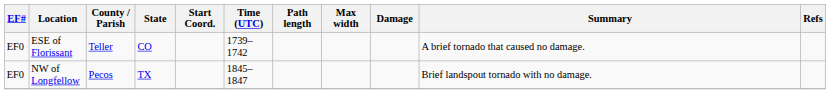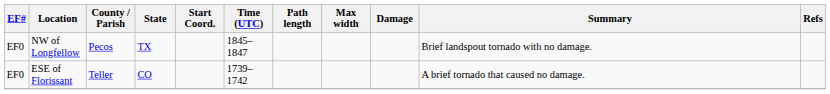 <table class="wikitable sortable" style="width:100%;">
 <tr>
 <th scope="col" width="3%" align="center"><a href='#'>EF#</a></th>
 <th scope="col" width="7%" align="center" class="unsortable">Location</th>
 <th scope="col" width="6%" align="center" class="unsortable">County / Parish</th>
 <th scope="col" width="5%" align="center">State</th>
 <th scope="col" width="6%" class="unsortable" align="center">Start Coord.</th>
 <th scope="col" width="6%" align="center">Time (<a href='#'>UTC</a>)</th>
 <th scope="col" width="6%" align="center">Path length</th>
 <th scope="col" width="6%" align="center">Max width</th>
 <th scope="col" width="6%" align="center">Damage</th>
 <th scope="col" width="48%" class="unsortable" align="center">Summary</th>
 <th scope="col" width="48%" class="unsortable" align="center">Refs</th>
 </tr>
 <tr>
 <td>EF0</td>
+<td>NW of <a href='#'>Longfellow</a></td>
+<td><a href='#'>Pecos</a></td>
+<td><a href='#'>TX</a></td>
+<td></td>
+<td>1845–1847</td>
+<td></td>
+<td></td>
+<td></td>
+<td>Brief landspout tornado with no damage.</td>
+<td></td>
+</tr>
+<tr>
+<td>EF0</td>
 <td>ESE of <a href='#'>Florissant</a></td>
 <td><a href='#'>Teller</a></td>
 <td><a href='#'>CO</a></td>
 <td></td>
 <td>1739–1742</td>
 <td></td>
 <td></td>
 <td></td>
 <td>A brief tornado that caused no damage.</td>
 <td></td>
 </tr>
 <tr>
-<td>EF0</td>
-<td>NW of <a href='#'>Longfellow</a></td>
-<td><a href='#'>Pecos</a></td>
-<td><a href='#'>TX</a></td>
-<td></td>
-<td>1845–1847</td>
-<td></td>
-<td></td>
-<td></td>
-<td>Brief landspout tornado with no damage.</td>
-<td></td>
-</tr>
-<tr>
 </tr>
 </table>
